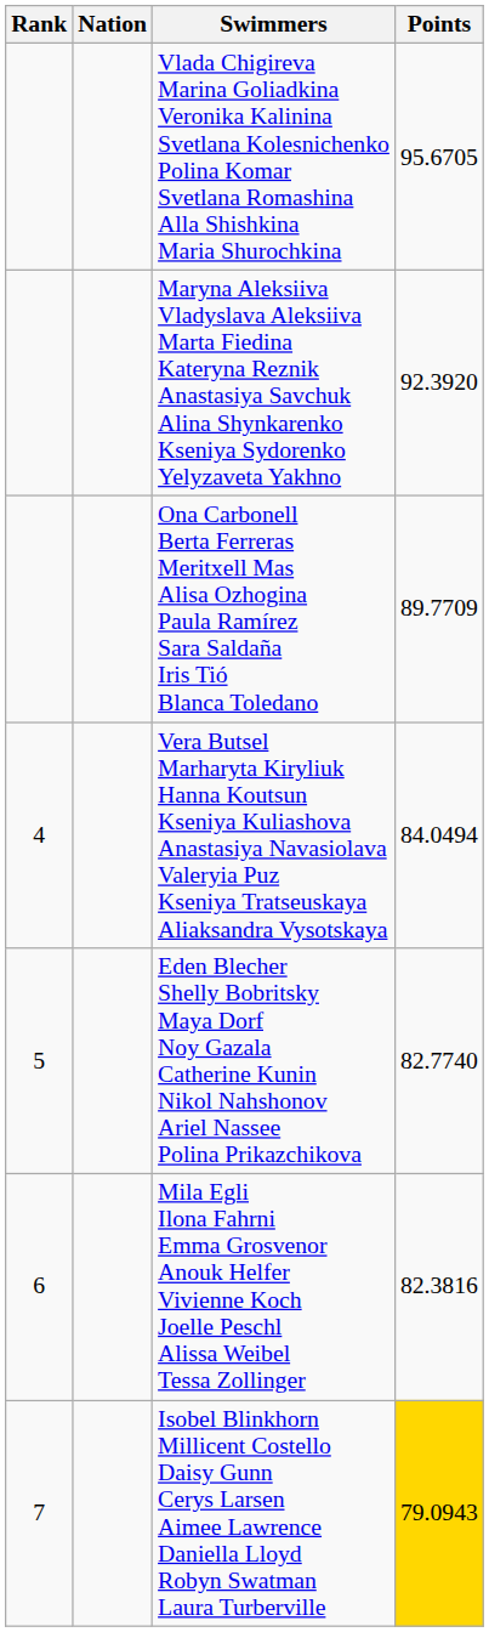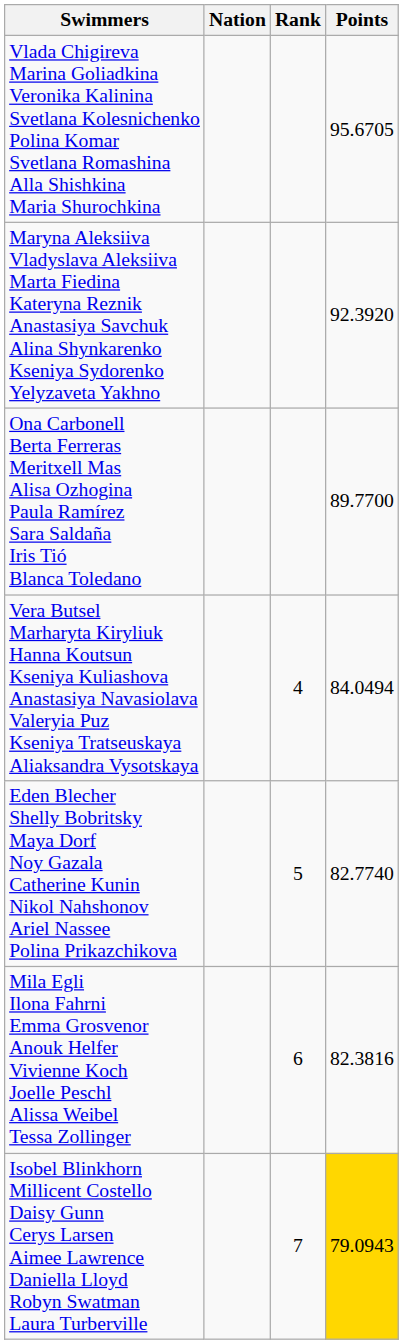 <table class="wikitable sortable" style="text-align:center">
 <tr>
+<th class=unsortable>Swimmers</th>
+<th>Nation</th>
 <th>Rank</th>
-<th>Nation</th>
-<th class=unsortable>Swimmers</th>
 <th>Points</th>
 </tr>
 <tr>
+<td align=left><a href='#'>Vlada Chigireva</a><br><a href='#'>Marina Goliadkina</a><br><a href='#'>Veronika Kalinina</a><br><a href='#'>Svetlana Kolesnichenko</a><br><a href='#'>Polina Komar</a><br><a href='#'>Svetlana Romashina</a><br><a href='#'>Alla Shishkina</a><br><a href='#'>Maria Shurochkina</a></td>
+<td align=left></td>
 <td></td>
-<td align=left></td>
-<td align=left><a href='#'>Vlada Chigireva</a><br><a href='#'>Marina Goliadkina</a><br><a href='#'>Veronika Kalinina</a><br><a href='#'>Svetlana Kolesnichenko</a><br><a href='#'>Polina Komar</a><br><a href='#'>Svetlana Romashina</a><br><a href='#'>Alla Shishkina</a><br><a href='#'>Maria Shurochkina</a></td>
 <td>95.6705</td>
 </tr>
 <tr>
+<td align=left><a href='#'>Maryna Aleksiiva</a><br><a href='#'>Vladyslava Aleksiiva</a><br><a href='#'>Marta Fiedina</a><br><a href='#'>Kateryna Reznik</a><br><a href='#'>Anastasiya Savchuk</a><br><a href='#'>Alina Shynkarenko</a><br><a href='#'>Kseniya Sydorenko</a><br><a href='#'>Yelyzaveta Yakhno</a></td>
+<td align=left></td>
 <td></td>
-<td align=left></td>
-<td align=left><a href='#'>Maryna Aleksiiva</a><br><a href='#'>Vladyslava Aleksiiva</a><br><a href='#'>Marta Fiedina</a><br><a href='#'>Kateryna Reznik</a><br><a href='#'>Anastasiya Savchuk</a><br><a href='#'>Alina Shynkarenko</a><br><a href='#'>Kseniya Sydorenko</a><br><a href='#'>Yelyzaveta Yakhno</a></td>
 <td>92.3920</td>
 </tr>
 <tr>
+<td align=left><a href='#'>Ona Carbonell</a><br><a href='#'>Berta Ferreras</a><br><a href='#'>Meritxell Mas</a><br><a href='#'>Alisa Ozhogina</a><br><a href='#'>Paula Ramírez</a><br><a href='#'>Sara Saldaña</a><br><a href='#'>Iris Tió</a><br><a href='#'>Blanca Toledano</a></td>
+<td align=left></td>
 <td></td>
-<td align=left></td>
-<td align=left><a href='#'>Ona Carbonell</a><br><a href='#'>Berta Ferreras</a><br><a href='#'>Meritxell Mas</a><br><a href='#'>Alisa Ozhogina</a><br><a href='#'>Paula Ramírez</a><br><a href='#'>Sara Saldaña</a><br><a href='#'>Iris Tió</a><br><a href='#'>Blanca Toledano</a></td>
-<td>89.7709</td>
+<td>89.7700</td>
 </tr>
 <tr>
+<td align=left><a href='#'>Vera Butsel</a><br><a href='#'>Marharyta Kiryliuk</a><br><a href='#'>Hanna Koutsun</a><br><a href='#'>Kseniya Kuliashova</a><br><a href='#'>Anastasiya Navasiolava</a><br><a href='#'>Valeryia Puz</a><br><a href='#'>Kseniya Tratseuskaya</a><br><a href='#'>Aliaksandra Vysotskaya</a></td>
+<td align=left></td>
 <td>4</td>
-<td align=left></td>
-<td align=left><a href='#'>Vera Butsel</a><br><a href='#'>Marharyta Kiryliuk</a><br><a href='#'>Hanna Koutsun</a><br><a href='#'>Kseniya Kuliashova</a><br><a href='#'>Anastasiya Navasiolava</a><br><a href='#'>Valeryia Puz</a><br><a href='#'>Kseniya Tratseuskaya</a><br><a href='#'>Aliaksandra Vysotskaya</a></td>
 <td>84.0494</td>
 </tr>
 <tr>
+<td align=left><a href='#'>Eden Blecher</a><br><a href='#'>Shelly Bobritsky</a><br><a href='#'>Maya Dorf</a><br><a href='#'>Noy Gazala</a><br><a href='#'>Catherine Kunin</a><br><a href='#'>Nikol Nahshonov</a><br><a href='#'>Ariel Nassee</a><br><a href='#'>Polina Prikazchikova</a></td>
+<td align=left></td>
 <td>5</td>
-<td align=left></td>
-<td align=left><a href='#'>Eden Blecher</a><br><a href='#'>Shelly Bobritsky</a><br><a href='#'>Maya Dorf</a><br><a href='#'>Noy Gazala</a><br><a href='#'>Catherine Kunin</a><br><a href='#'>Nikol Nahshonov</a><br><a href='#'>Ariel Nassee</a><br><a href='#'>Polina Prikazchikova</a></td>
 <td>82.7740</td>
 </tr>
 <tr>
+<td align=left><a href='#'>Mila Egli</a><br><a href='#'>Ilona Fahrni</a><br><a href='#'>Emma Grosvenor</a><br><a href='#'>Anouk Helfer</a><br><a href='#'>Vivienne Koch</a><br><a href='#'>Joelle Peschl</a><br><a href='#'>Alissa Weibel</a><br><a href='#'>Tessa Zollinger</a></td>
+<td align=left></td>
 <td>6</td>
-<td align=left></td>
-<td align=left><a href='#'>Mila Egli</a><br><a href='#'>Ilona Fahrni</a><br><a href='#'>Emma Grosvenor</a><br><a href='#'>Anouk Helfer</a><br><a href='#'>Vivienne Koch</a><br><a href='#'>Joelle Peschl</a><br><a href='#'>Alissa Weibel</a><br><a href='#'>Tessa Zollinger</a></td>
 <td>82.3816</td>
 </tr>
 <tr>
+<td align=left><a href='#'>Isobel Blinkhorn</a><br><a href='#'>Millicent Costello</a><br><a href='#'>Daisy Gunn</a><br><a href='#'>Cerys Larsen</a><br><a href='#'>Aimee Lawrence</a><br><a href='#'>Daniella Lloyd</a><br><a href='#'>Robyn Swatman</a><br><a href='#'>Laura Turberville</a></td>
+<td align=left></td>
 <td>7</td>
-<td align=left></td>
-<td align=left><a href='#'>Isobel Blinkhorn</a><br><a href='#'>Millicent Costello</a><br><a href='#'>Daisy Gunn</a><br><a href='#'>Cerys Larsen</a><br><a href='#'>Aimee Lawrence</a><br><a href='#'>Daniella Lloyd</a><br><a href='#'>Robyn Swatman</a><br><a href='#'>Laura Turberville</a></td>
 <td style="background: gold;">79.0943</td>
 </tr>
 </table>
